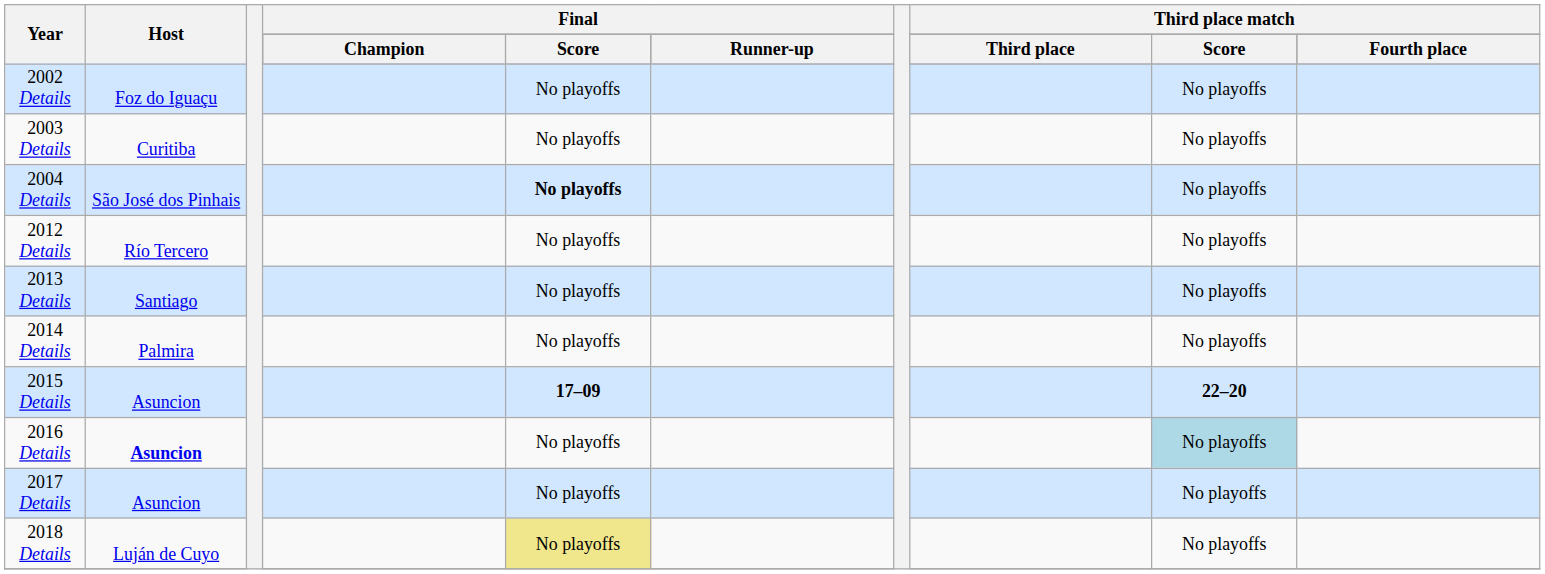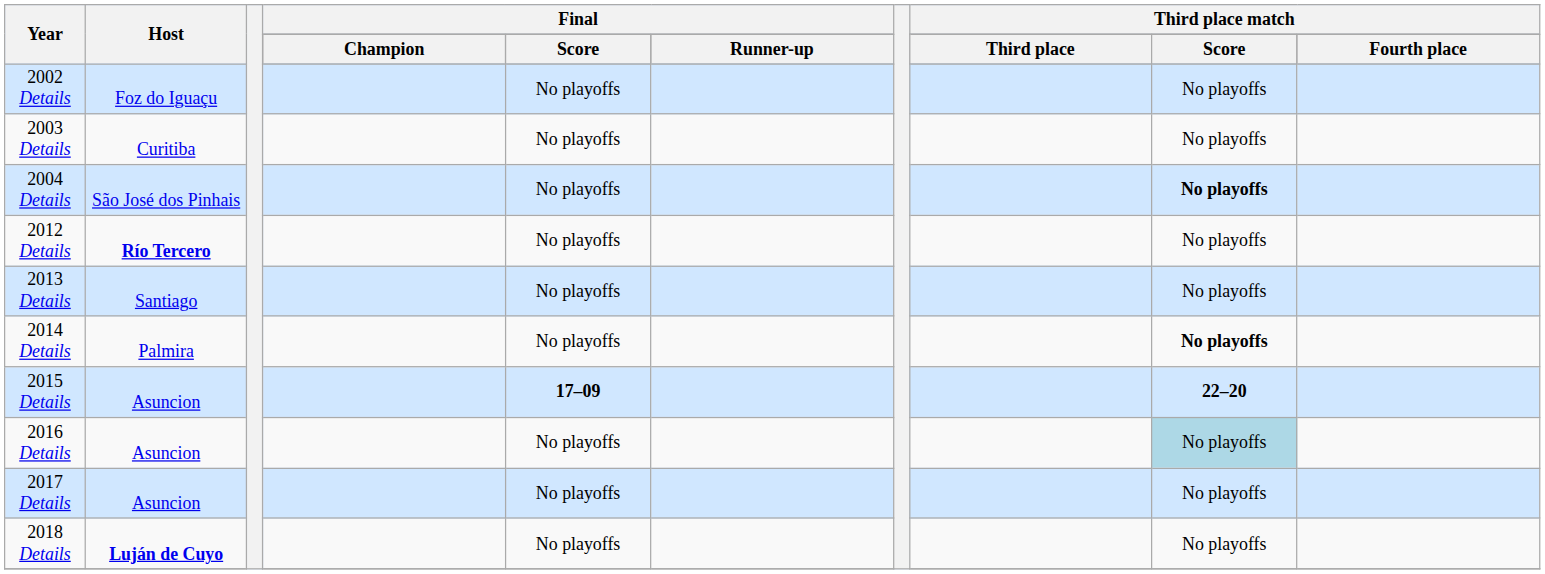 <table class="wikitable" style="font-size:90%; width: 98%; text-align: center;">
 <tr bgcolor=#C1D8FF>
 <th rowspan=2 width=5%>Year</th>
 <th rowspan=2 width=10%>Host</th>
 <th width=1% rowspan=100 bgcolor=ffffff></th>
 <th colspan=3>Final</th>
 <th width=1% rowspan=100 bgcolor=ffffff></th>
 <th colspan=3>Third place match</th>
 </tr>
 <tr bgcolor=FEF>
 <th width=15%>Champion</th>
 <th width=9%>Score</th>
 <th width=15%>Runner-up</th>
 <th width=15%>Third place</th>
 <th width=9%>Score</th>
 <th width=15%>Fourth place</th>
 </tr>
 <tr bgcolor=#D0E7FF>
 <td>2002<br><em><a href='#'>Details</a></em></td>
 <td><br><a href='#'>Foz do Iguaçu</a></td>
 <td><strong></strong></td>
 <td><span>No playoffs</span></td>
 <td></td>
 <td></td>
 <td><span>No playoffs</span></td>
 <td></td>
 </tr>
 <tr>
 <td>2003<br><em><a href='#'>Details</a></em></td>
 <td><br><a href='#'>Curitiba</a></td>
 <td><strong></strong></td>
 <td><span>No playoffs</span></td>
 <td></td>
 <td></td>
 <td><span>No playoffs</span></td>
 <td></td>
 </tr>
 <tr bgcolor=#D0E7FF>
 <td>2004<br><em><a href='#'>Details</a></em></td>
 <td><br><a href='#'>São José dos Pinhais</a></td>
 <td><strong></strong></td>
-<td><strong><span>No playoffs</span></strong></td>
+<td><span>No playoffs</span></td>
 <td></td>
 <td></td>
-<td><span>No playoffs</span></td>
+<td><strong><span>No playoffs</span></strong></td>
 <td></td>
 </tr>
 <tr>
 <td>2012<br><em><a href='#'>Details</a></em></td>
-<td><br><a href='#'>Río Tercero</a></td>
+<td><strong><br><a href='#'>Río Tercero</a></strong></td>
 <td><strong></strong></td>
 <td><span>No playoffs</span></td>
 <td></td>
 <td></td>
 <td><span>No playoffs</span></td>
 <td></td>
 </tr>
 <tr bgcolor=#D0E7FF>
 <td>2013<br><em><a href='#'>Details</a></em></td>
 <td><br><a href='#'>Santiago</a></td>
 <td><strong></strong></td>
 <td><span>No playoffs</span></td>
 <td></td>
 <td></td>
 <td><span>No playoffs</span></td>
 <td></td>
 </tr>
 <tr>
 <td>2014<br><em><a href='#'>Details</a></em></td>
 <td><br><a href='#'>Palmira</a></td>
 <td><strong></strong></td>
 <td><span>No playoffs</span></td>
 <td></td>
 <td></td>
-<td><span>No playoffs</span></td>
+<td><strong><span>No playoffs</span></strong></td>
 <td></td>
 </tr>
 <tr bgcolor=#D0E7FF>
 <td>2015<br><em><a href='#'>Details</a></em></td>
 <td><br><a href='#'>Asuncion</a></td>
 <td><strong></strong></td>
 <td><strong> 17–09 </strong></td>
 <td></td>
 <td></td>
 <td><strong> 22–20 </strong></td>
 <td></td>
 </tr>
 <tr>
 <td>2016<br><em><a href='#'>Details</a></em></td>
-<td><strong><br><a href='#'>Asuncion</a></strong></td>
+<td><br><a href='#'>Asuncion</a></td>
 <td><strong></strong></td>
 <td><span>No playoffs</span></td>
 <td></td>
 <td></td>
 <td style="background: lightblue;"><span>No playoffs</span></td>
 <td></td>
 </tr>
 <tr bgcolor=#D0E7FF>
 <td>2017<br><em><a href='#'>Details</a></em></td>
 <td><br><a href='#'>Asuncion</a></td>
 <td><strong></strong></td>
 <td><span>No playoffs</span></td>
 <td></td>
 <td></td>
 <td><span>No playoffs</span></td>
 <td></td>
 </tr>
 <tr>
 <td>2018<br><em><a href='#'>Details</a></em></td>
-<td><br><a href='#'>Luján de Cuyo</a></td>
+<td><strong><br><a href='#'>Luján de Cuyo</a></strong></td>
 <td><strong></strong></td>
-<td style="background: khaki;"><span>No playoffs</span></td>
+<td><span>No playoffs</span></td>
 <td></td>
 <td></td>
 <td><span>No playoffs</span></td>
 <td></td>
 </tr>
 <tr>
 </tr>
 </table>
